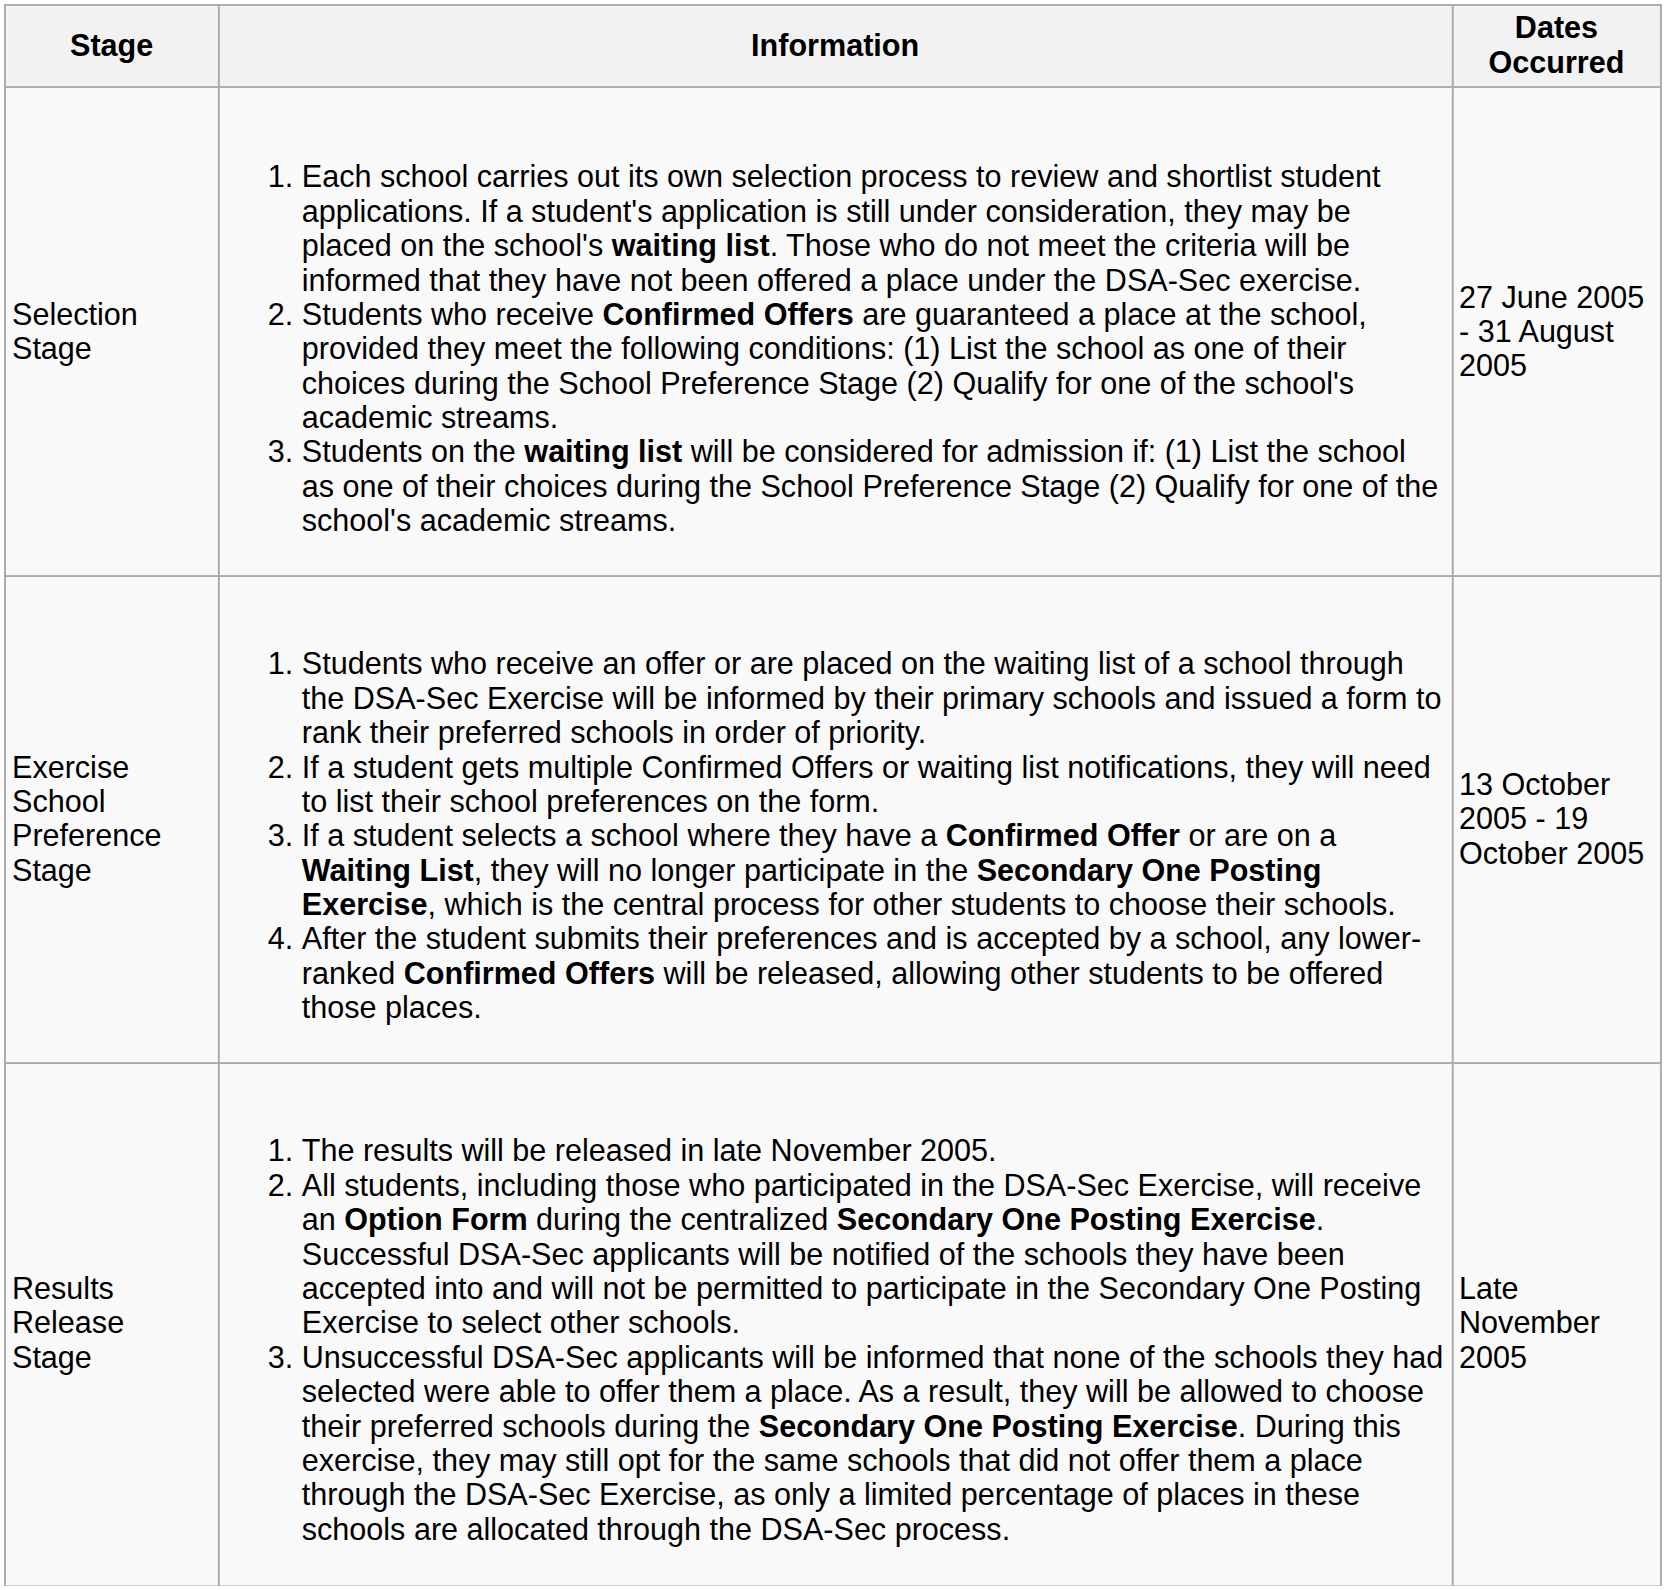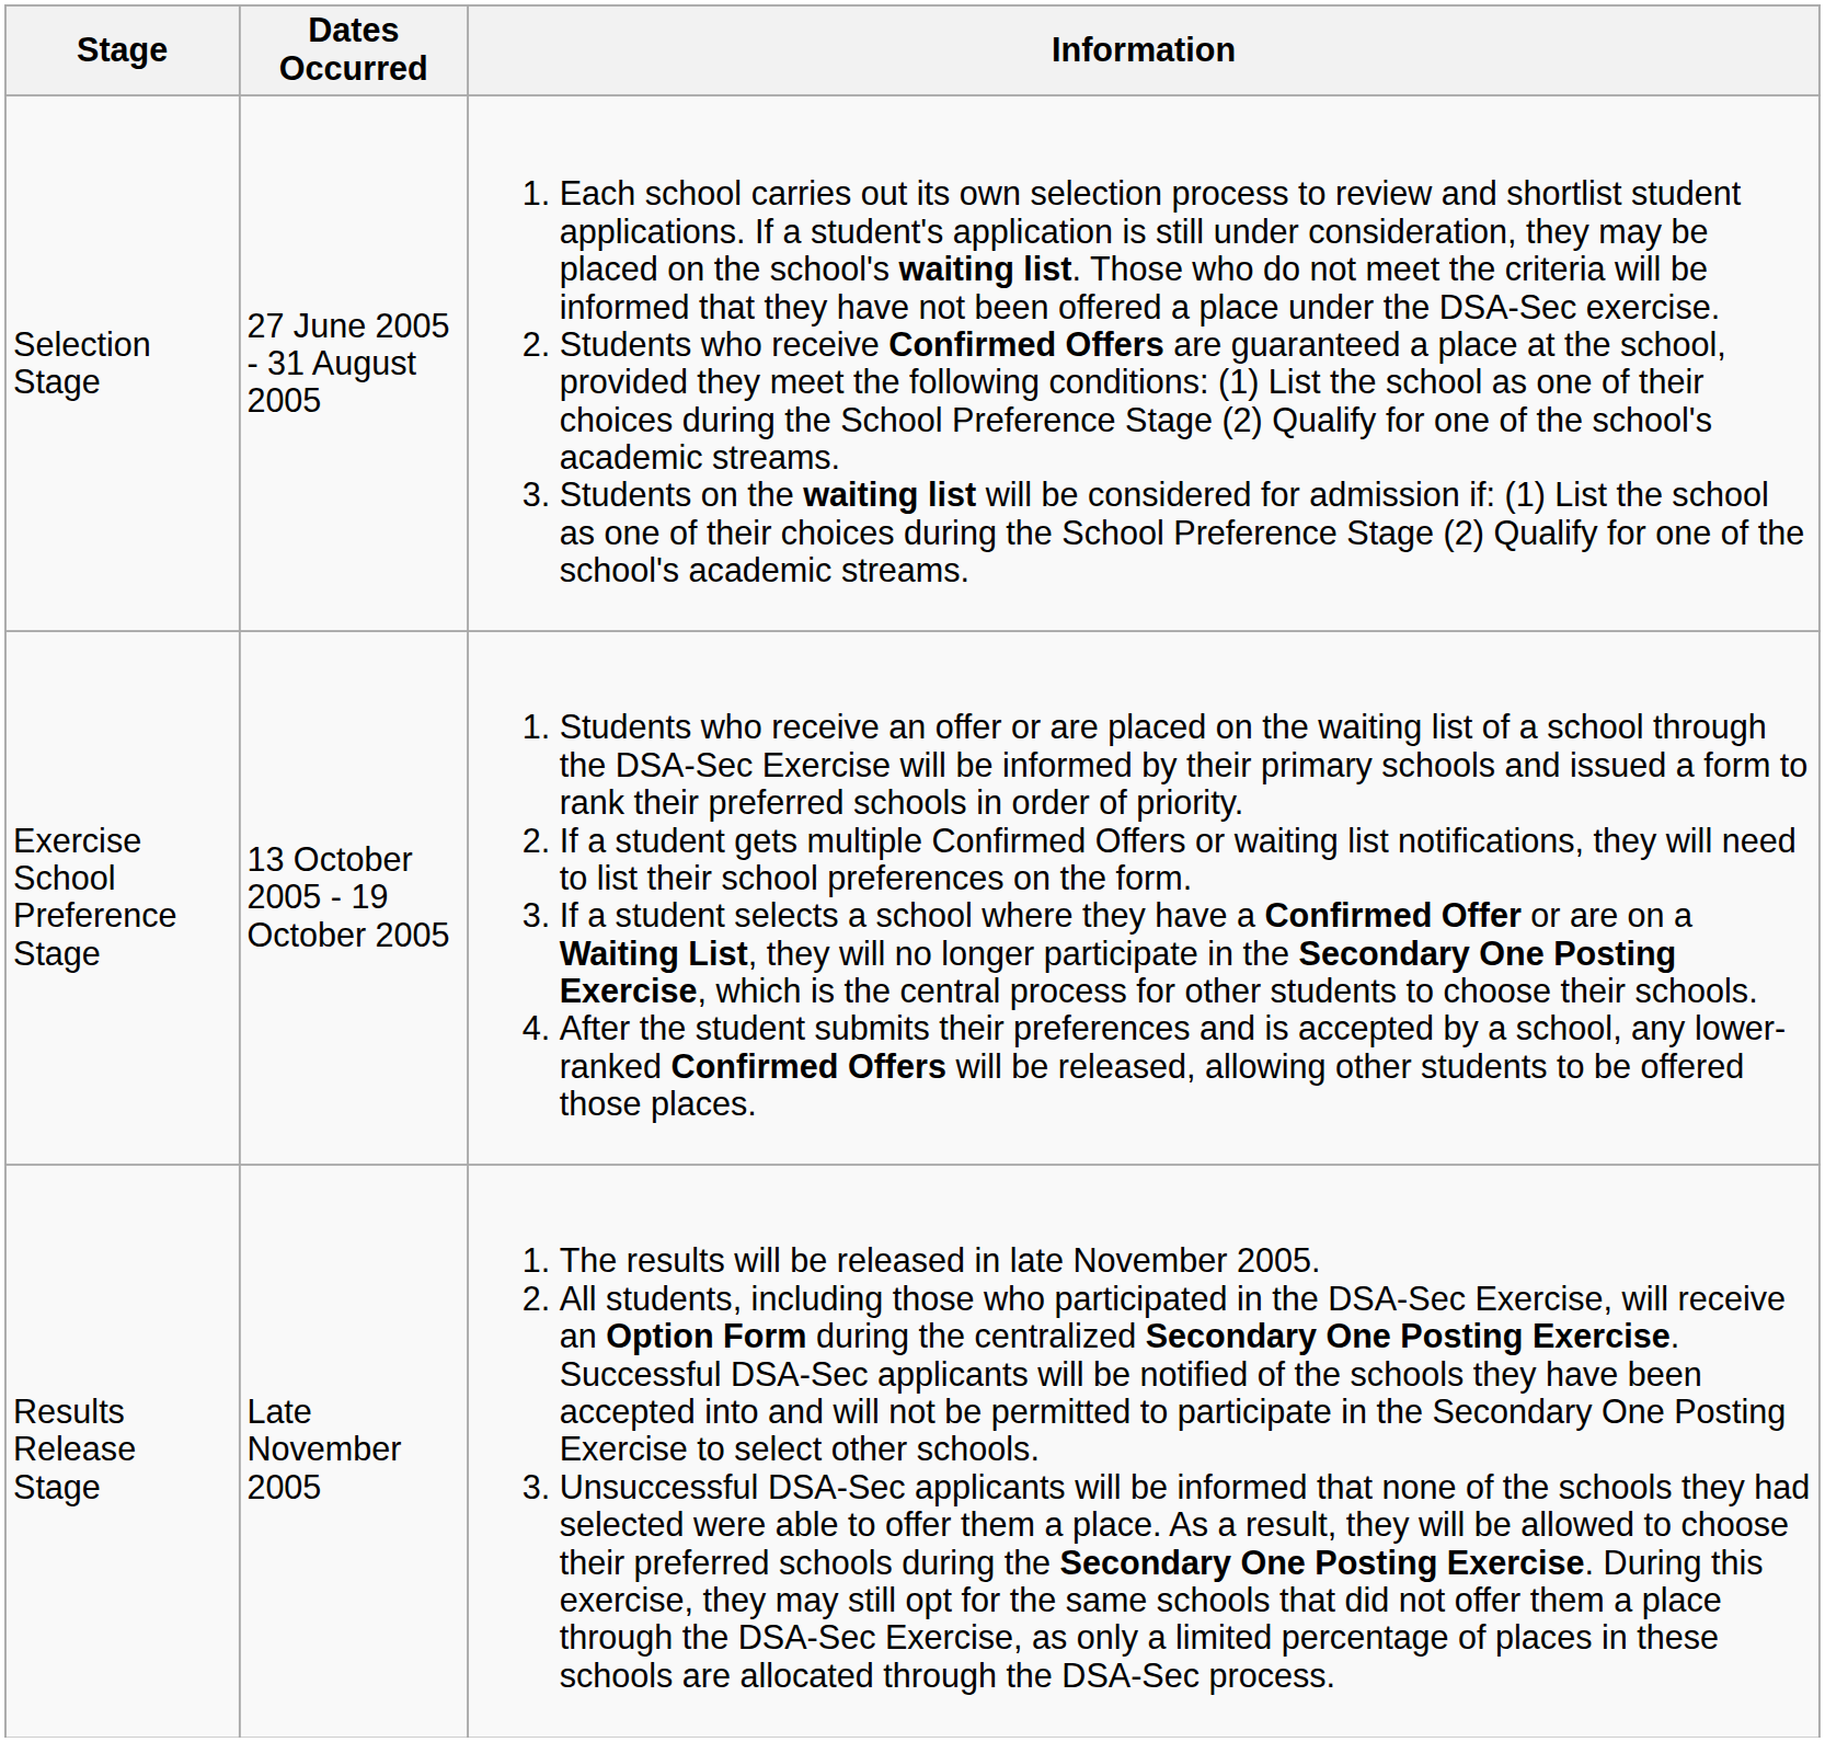 <table class="wikitable">
 <tr>
 <th>Stage</th>
+<th>Dates Occurred</th>
 <th>Information</th>
-<th>Dates Occurred</th>
 </tr>
 <tr>
 <td>Selection Stage</td>
+<td>27 June 2005 - 31 August 2005</td>
 <td><br><ol><li>Each school carries out its own selection process to review and shortlist student applications. If a student's application is still under consideration, they may be placed on the school's <strong>waiting list</strong>. Those who do not meet the criteria will be informed that they have not been offered a place under the DSA-Sec exercise.</li><li>Students who receive <strong>Confirmed Offers</strong> are guaranteed a place at the school, provided they meet the following conditions: (1) List the school as one of their choices during the School Preference Stage (2) Qualify for one of the school's academic streams.</li><li>Students on the <strong>waiting list</strong> will be considered for admission if: (1) List the school as one of their choices during the School Preference Stage (2) Qualify for one of the school's academic streams.</li></ol></td>
-<td>27 June 2005 - 31 August 2005</td>
 </tr>
 <tr>
 <td>Exercise School Preference Stage</td>
+<td>13 October 2005 - 19 October 2005</td>
 <td><br><ol><li>Students who receive an offer or are placed on the waiting list of a school through the DSA-Sec Exercise will be informed by their primary schools and issued a form to rank their preferred schools in order of priority.</li><li>If a student gets multiple Confirmed Offers or waiting list notifications, they will need to list their school preferences on the form.</li><li>If a student selects a school where they have a <strong>Confirmed Offer</strong> or are on a <strong>Waiting List</strong>, they will no longer participate in the <strong>Secondary One Posting Exercise</strong>, which is the central process for other students to choose their schools.</li><li>After the student submits their preferences and is accepted by a school, any lower-ranked <strong>Confirmed Offers</strong> will be released, allowing other students to be offered those places.</li></ol></td>
-<td>13 October 2005 - 19 October 2005</td>
 </tr>
 <tr>
 <td>Results Release Stage</td>
+<td>Late November 2005</td>
 <td><br><ol><li>The results will be released in late November 2005.</li><li>All students, including those who participated in the DSA-Sec Exercise, will receive an <strong>Option Form</strong> during the centralized <strong>Secondary One Posting Exercise</strong>. Successful DSA-Sec applicants will be notified of the schools they have been accepted into and will not be permitted to participate in the Secondary One Posting Exercise to select other schools.</li><li>Unsuccessful DSA-Sec applicants will be informed that none of the schools they had selected were able to offer them a place. As a result, they will be allowed to choose their preferred schools during the <strong>Secondary One Posting Exercise</strong>. During this exercise, they may still opt for the same schools that did not offer them a place through the DSA-Sec Exercise, as only a limited percentage of places in these schools are allocated through the DSA-Sec process.</li></ol></td>
-<td>Late November 2005</td>
 </tr>
 </table>
